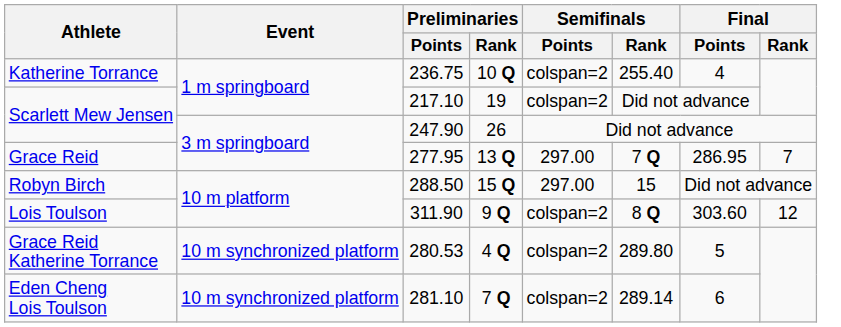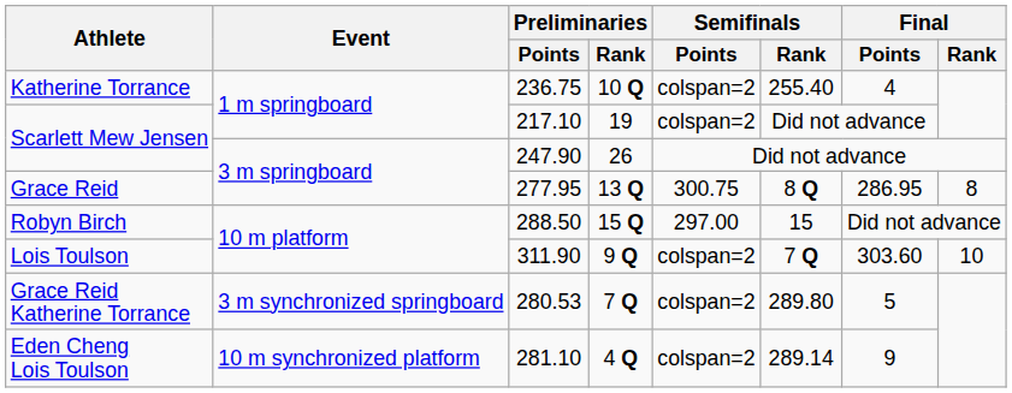 <table class="wikitable" style="text-align:center; font-size:90%">
 <tr>
 <th rowspan=2>Athlete</th>
 <th rowspan=2>Event</th>
 <th colspan=2>Preliminaries</th>
 <th colspan=2>Semifinals</th>
 <th colspan=2>Final</th>
 </tr>
 <tr style="font-size:95%">
 <th>Points</th>
 <th>Rank</th>
 <th>Points</th>
 <th>Rank</th>
 <th>Points</th>
 <th>Rank</th>
 </tr>
 <tr>
 <td align=left><a href='#'>Katherine Torrance</a></td>
 <td align=left rowspan=2><a href='#'>1 m springboard</a></td>
 <td>236.75</td>
 <td>10 <strong>Q</strong></td>
 <td>colspan=2 </td>
 <td>255.40</td>
 <td>4</td>
 </tr>
 <tr>
 <td align=left rowspan=2><a href='#'>Scarlett Mew Jensen</a></td>
 <td>217.10</td>
 <td>19</td>
 <td>colspan=2 </td>
 <td colspan=2>Did not advance</td>
 </tr>
 <tr>
 <td align=left rowspan=2><a href='#'>3 m springboard</a></td>
 <td>247.90</td>
 <td>26</td>
 <td colspan=4>Did not advance</td>
 </tr>
 <tr>
 <td align=left><a href='#'>Grace Reid</a></td>
 <td>277.95</td>
 <td>13 <strong>Q</strong></td>
-<td>297.00</td>
-<td>7 <strong>Q</strong></td>
+<td>300.75</td>
+<td>8 <strong>Q</strong></td>
 <td>286.95</td>
-<td>7</td>
+<td>8</td>
 </tr>
 <tr>
 <td align=left><a href='#'>Robyn Birch</a></td>
 <td align=left rowspan=2><a href='#'>10 m platform</a></td>
 <td>288.50</td>
 <td>15 <strong>Q</strong></td>
 <td>297.00</td>
 <td>15</td>
 <td colspan=2>Did not advance</td>
 </tr>
 <tr>
 <td align=left><a href='#'>Lois Toulson</a></td>
 <td>311.90</td>
 <td>9 <strong>Q</strong></td>
 <td>colspan=2 </td>
-<td>8 <strong>Q</strong></td>
+<td>7 <strong>Q</strong></td>
 <td>303.60</td>
-<td>12</td>
+<td>10</td>
 </tr>
 <tr>
 <td align=left><a href='#'>Grace Reid</a><br><a href='#'>Katherine Torrance</a></td>
-<td align=left><a href='#'>10 m synchronized platform</a></td>
+<td align=left><a href='#'>3 m synchronized springboard</a></td>
 <td>280.53</td>
-<td>4 <strong>Q</strong></td>
+<td>7 <strong>Q</strong></td>
 <td>colspan=2 </td>
 <td>289.80</td>
 <td>5</td>
 </tr>
 <tr>
 <td align=left><a href='#'>Eden Cheng</a><br><a href='#'>Lois Toulson</a></td>
 <td align=left><a href='#'>10 m synchronized platform</a></td>
 <td>281.10</td>
-<td>7 <strong>Q</strong></td>
+<td>4 <strong>Q</strong></td>
 <td>colspan=2 </td>
 <td>289.14</td>
-<td>6</td>
+<td>9</td>
 </tr>
 </table>
